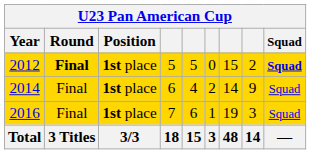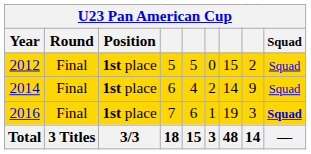 <table class="wikitable" style="text-align: center;">
 <tr>
 <th colspan=9><a href='#'>U23 Pan American Cup</a></th>
 </tr>
 <tr>
 <th>Year</th>
 <th>Round</th>
 <th>Position</th>
 <th></th>
 <th></th>
 <th></th>
 <th></th>
 <th></th>
 <th><small>Squad</small></th>
 </tr>
 <tr bgcolor=gold>
 <td> <a href='#'>2012</a></td>
-<td><strong>Final</strong></td>
+<td>Final</td>
 <td><strong>1st</strong> place</td>
 <td>5</td>
 <td>5</td>
 <td>0</td>
 <td>15</td>
 <td>2</td>
-<td><strong><small><a href='#'>Squad</a></small></strong></td>
+<td><small><a href='#'>Squad</a></small></td>
 </tr>
 <tr bgcolor=gold>
 <td> <a href='#'>2014</a></td>
 <td>Final</td>
 <td><strong>1st</strong> place</td>
 <td>6</td>
 <td>4</td>
 <td>2</td>
 <td>14</td>
 <td>9</td>
 <td><small><a href='#'>Squad</a></small></td>
 </tr>
 <tr bgcolor=gold>
 <td> <a href='#'>2016</a></td>
 <td>Final</td>
 <td><strong>1st</strong> place</td>
 <td>7</td>
 <td>6</td>
 <td>1</td>
 <td>19</td>
 <td>3</td>
-<td><small><a href='#'>Squad</a></small></td>
+<td><strong><small><a href='#'>Squad</a></small></strong></td>
 </tr>
 <tr>
 <th>Total</th>
 <th>3 Titles</th>
 <th>3/3</th>
 <th>18</th>
 <th>15</th>
 <th>3</th>
 <th>48</th>
 <th>14</th>
 <th><strong>—</strong></th>
 </tr>
 </table>
